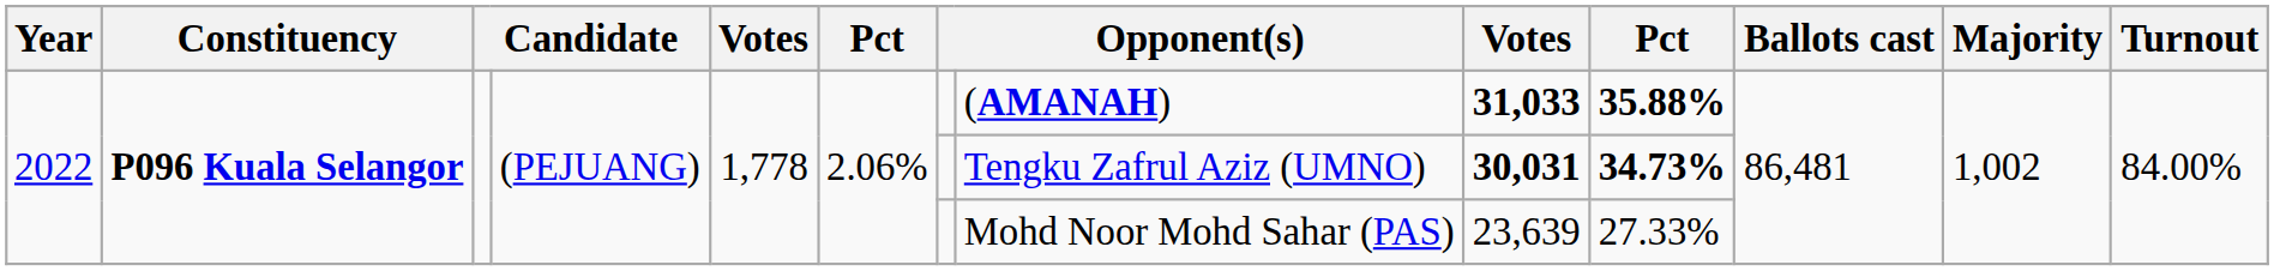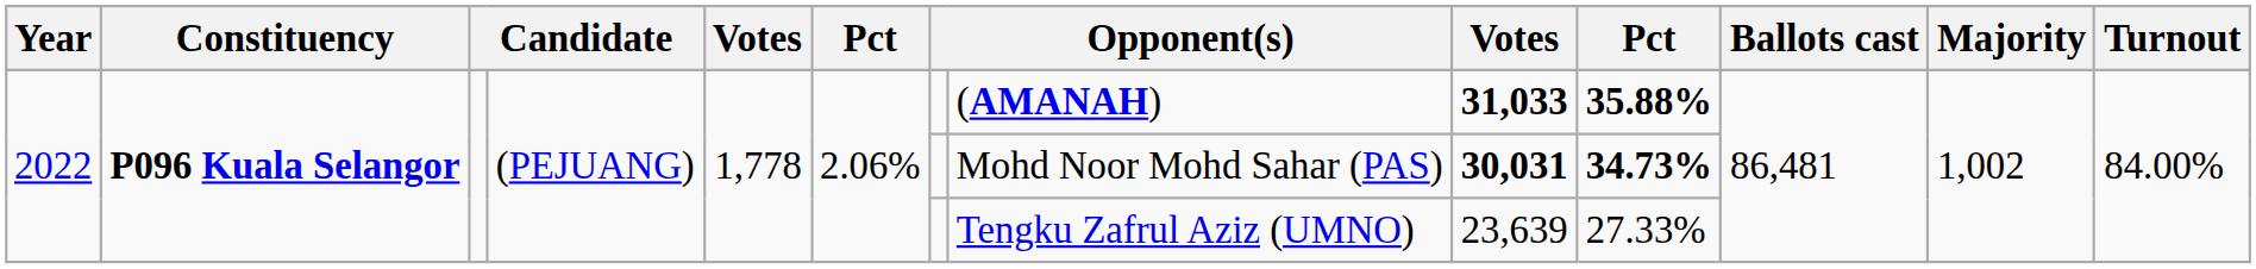 <table class="wikitable" style="margin:0.5em ; font-size:95%">
 <tr>
 <th>Year</th>
 <th>Constituency</th>
 <th colspan=2>Candidate</th>
 <th>Votes</th>
 <th>Pct</th>
 <th colspan=2>Opponent(s)</th>
 <th>Votes</th>
 <th>Pct</th>
 <th>Ballots cast</th>
 <th>Majority</th>
 <th>Turnout</th>
 </tr>
 <tr>
 <td rowspan=3><a href='#'>2022</a></td>
 <td rowspan=3><strong>P096 <a href='#'>Kuala Selangor</a></strong></td>
 <td rowspan=3 bgcolor=></td>
 <td rowspan=3> (<a href='#'>PEJUANG</a>)</td>
 <td rowspan=3 align=right>1,778</td>
 <td rowspan=3 align=right>2.06%</td>
 <td></td>
 <td> (<a href='#'><strong>AMANAH</strong></a>)</td>
 <td align=right><strong>31,033</strong></td>
 <td><strong>35.88%</strong></td>
 <td rowspan=3>86,481</td>
 <td rowspan=3>1,002</td>
 <td rowspan=3>84.00%</td>
 </tr>
 <tr>
 <td></td>
-<td><a href='#'>Tengku Zafrul Aziz</a> (<a href='#'>UMNO</a>)</td>
+<td>Mohd Noor Mohd Sahar (<a href='#'>PAS</a>)</td>
 <td align=right><strong>30,031</strong></td>
 <td><strong>34.73%</strong></td>
 </tr>
 <tr>
 <td bgcolor=></td>
-<td>Mohd Noor Mohd Sahar (<a href='#'>PAS</a>)</td>
+<td><a href='#'>Tengku Zafrul Aziz</a> (<a href='#'>UMNO</a>)</td>
 <td align=right>23,639</td>
 <td>27.33%</td>
 </tr>
 </table>
